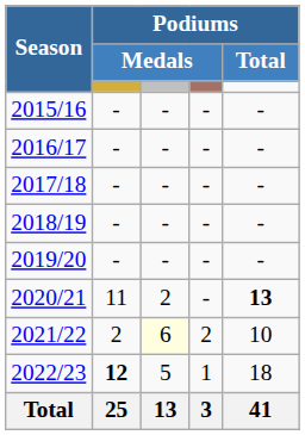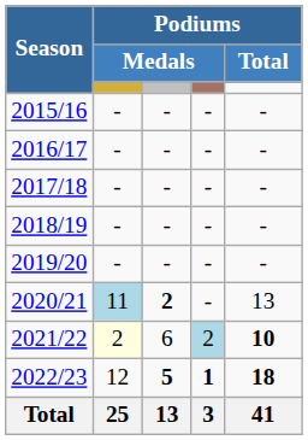 <table class="wikitable" style="font-size:86%; text-align:center; border:grey solid 1px; border-collapse:collapse;" width="20%">
 <tr style="background-color:#369; color:white;">
 <td rowspan="3" colspan="1" width="12%"><strong>Season</strong></td>
 <td colspan="10"><strong>Podiums</strong></td>
 </tr>
 <tr style="background-color:#4180be; color:white;">
 <th style="background:#4180be;" width="100" colspan="3">Medals</th>
 <th style="background:#4180be;" width="50" colspan="4">Total</th>
 </tr>
 <tr>
 <td align="center" bgcolor="#d4af37"></td>
 <td align="center" bgcolor="silver"></td>
 <td align="center" bgcolor="#a57164"></td>
 <td></td>
 </tr>
 <tr>
 <td><a href='#'>2015/16</a></td>
 <td>-</td>
 <td>-</td>
 <td>-</td>
 <td>-</td>
 </tr>
 <tr>
 <td><a href='#'>2016/17</a></td>
 <td>-</td>
 <td>-</td>
 <td>-</td>
 <td>-</td>
 </tr>
 <tr>
 <td><a href='#'>2017/18</a></td>
 <td>-</td>
 <td>-</td>
 <td>-</td>
 <td>-</td>
 </tr>
 <tr>
 <td><a href='#'>2018/19</a></td>
 <td>-</td>
 <td>-</td>
 <td>-</td>
 <td>-</td>
 </tr>
 <tr>
 <td><a href='#'>2019/20</a></td>
 <td>-</td>
 <td>-</td>
 <td>-</td>
 <td>-</td>
 </tr>
 <tr>
 <td><a href='#'>2020/21</a></td>
-<td>11</td>
-<td>2</td>
+<td style="background: lightblue;">11</td>
+<td><strong>2</strong></td>
 <td>-</td>
-<td><strong>13</strong></td>
+<td>13</td>
 </tr>
 <tr>
 <td><a href='#'>2021/22</a></td>
-<td>2</td>
-<td style="background: lightyellow;">6</td>
-<td>2</td>
-<td>10</td>
+<td style="background: lightyellow;">2</td>
+<td>6</td>
+<td style="background: lightblue;">2</td>
+<td><strong>10</strong></td>
 </tr>
 <tr>
 <td><a href='#'>2022/23</a></td>
-<td><strong>12</strong></td>
-<td>5</td>
-<td>1</td>
-<td>18</td>
+<td>12</td>
+<td><strong>5</strong></td>
+<td><strong>1</strong></td>
+<td><strong>18</strong></td>
 </tr>
 <tr>
 <th>Total</th>
 <th>25</th>
 <th>13</th>
 <th>3</th>
 <th>41</th>
 </tr>
 </table>
